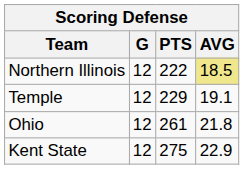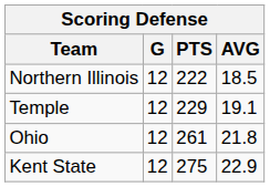 <table class="wikitable">
 <tr>
 <th colspan="7" style="text-align:center;">Scoring Defense</th>
 </tr>
 <tr>
 <th>Team</th>
 <th>G</th>
 <th>PTS</th>
 <th>AVG</th>
 </tr>
 <tr>
 <td>Northern Illinois</td>
 <td>12</td>
 <td>222</td>
-<td style="background: khaki;">18.5</td>
+<td>18.5</td>
 </tr>
 <tr>
 <td>Temple</td>
 <td>12</td>
 <td>229</td>
 <td>19.1</td>
 </tr>
 <tr>
 <td>Ohio</td>
 <td>12</td>
 <td>261</td>
 <td>21.8</td>
 </tr>
 <tr>
 <td>Kent State</td>
 <td>12</td>
 <td>275</td>
 <td>22.9</td>
 </tr>
 </table>
